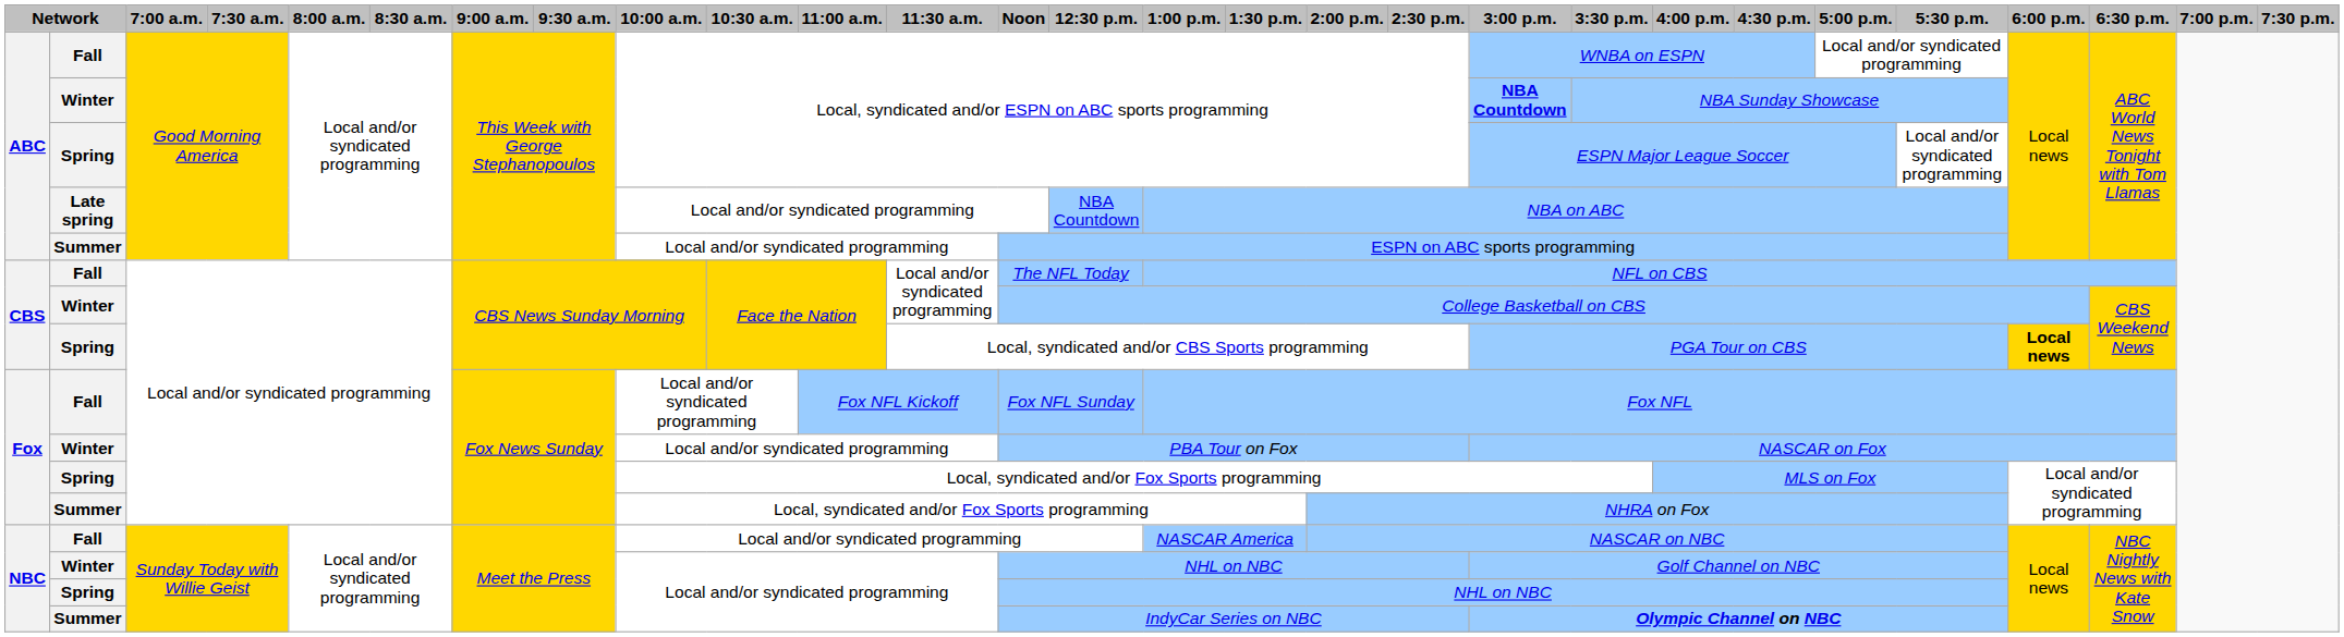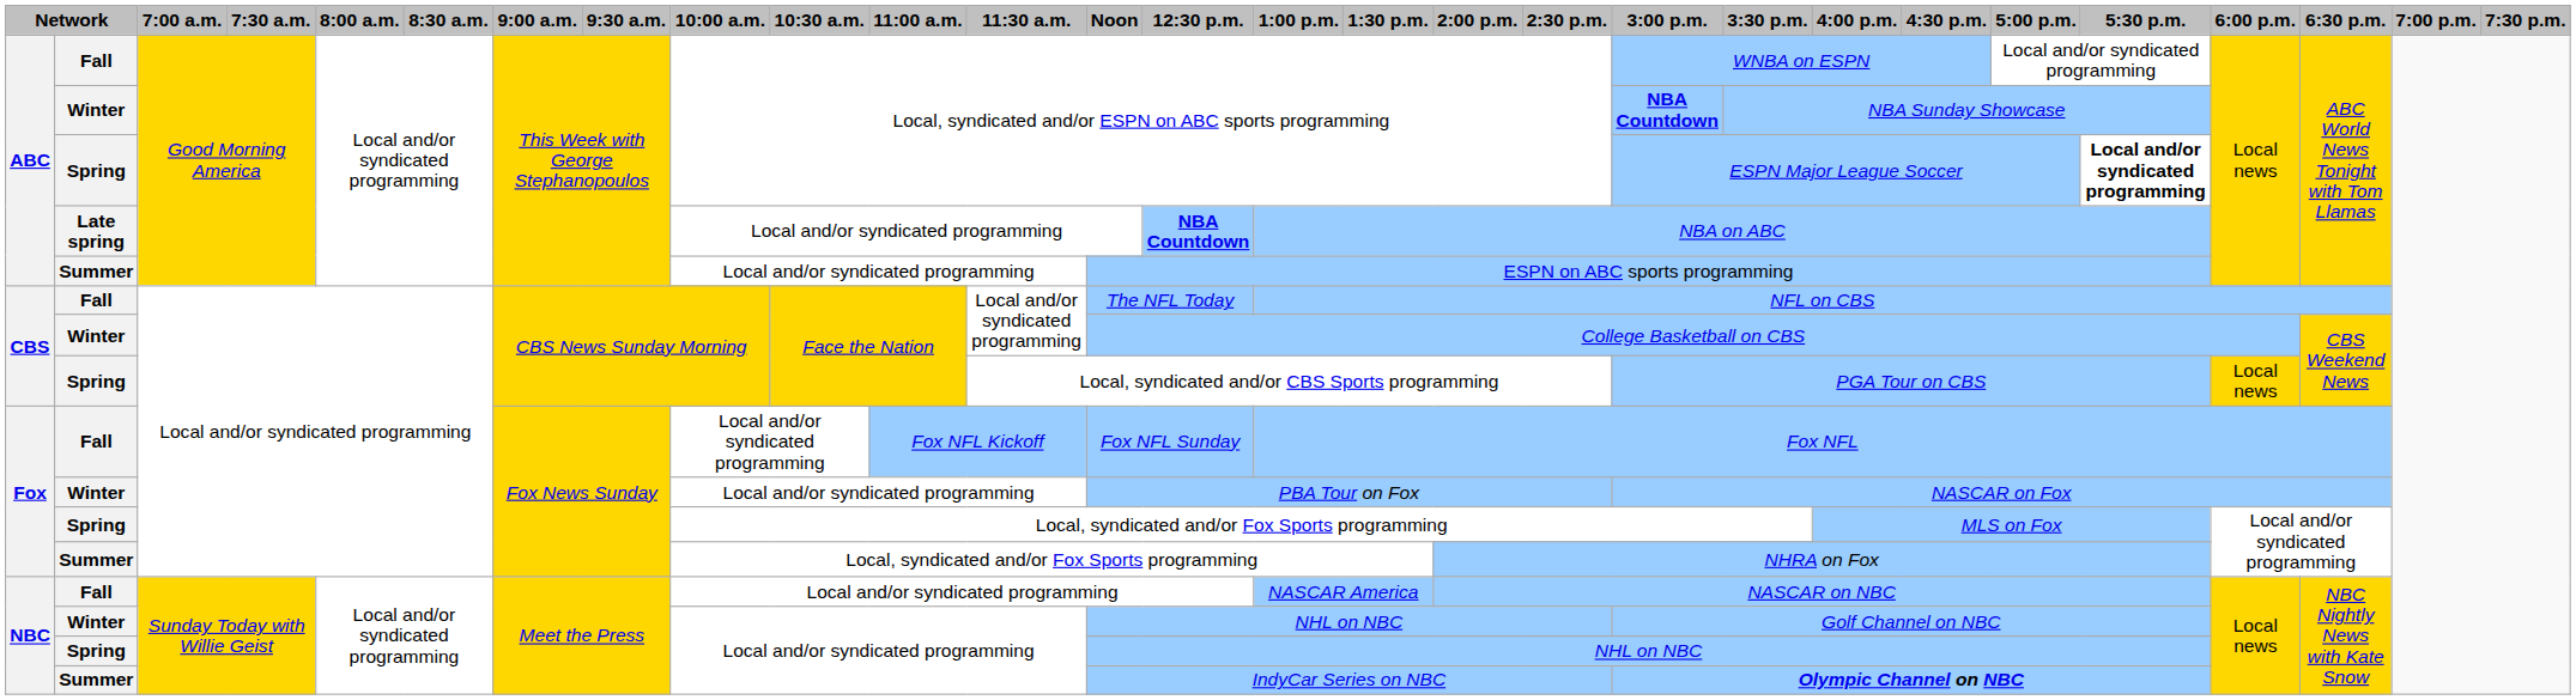 <table class="wikitable" style="width:100%;margin-right:0;font-size:90%;text-align:center">
 <tr>
 <th colspan="2" style="background:#C0C0C0; text-align:center;">Network</th>
 <th style="background:#C0C0C0; text-align:center;">7:00 a.m.</th>
 <th style="background:#C0C0C0; text-align:center;">7:30 a.m.</th>
 <th style="background:#C0C0C0; text-align:center;">8:00 a.m.</th>
 <th style="background:#C0C0C0; text-align:center;">8:30 a.m.</th>
 <th style="background:#C0C0C0; text-align:center;">9:00 a.m.</th>
 <th style="background:#C0C0C0; text-align:center;">9:30 a.m.</th>
 <th style="background:#C0C0C0; text-align:center;">10:00 a.m.</th>
 <th style="background:#C0C0C0; text-align:center;">10:30 a.m.</th>
 <th style="background:#C0C0C0; text-align:center;">11:00 a.m.</th>
 <th style="background:#C0C0C0; text-align:center;">11:30 a.m.</th>
 <th style="background:#C0C0C0; text-align:center;">Noon</th>
 <th style="background:#C0C0C0; text-align:center;">12:30 p.m.</th>
 <th style="background:#C0C0C0; text-align:center;">1:00 p.m.</th>
 <th style="background:#C0C0C0; text-align:center;">1:30 p.m.</th>
 <th style="background:#C0C0C0; text-align:center;">2:00 p.m.</th>
 <th style="background:#C0C0C0; text-align:center;">2:30 p.m.</th>
 <th style="background:#C0C0C0; text-align:center;">3:00 p.m.</th>
 <th style="background:#C0C0C0; text-align:center;">3:30 p.m.</th>
 <th style="background:#C0C0C0; text-align:center;">4:00 p.m.</th>
 <th style="background:#C0C0C0; text-align:center;">4:30 p.m.</th>
 <th style="background:#C0C0C0; text-align:center;">5:00 p.m.</th>
 <th style="background:#C0C0C0; text-align:center;">5:30 p.m.</th>
 <th style="background:#C0C0C0; text-align:center;">6:00 p.m.</th>
 <th style="background:#C0C0C0; text-align:center;">6:30 p.m.</th>
 <th style="background:#C0C0C0; text-align:center;">7:00 p.m.</th>
 <th style="background:#C0C0C0; text-align:center;">7:30 p.m.</th>
 </tr>
 <tr>
 <th rowspan="5"><a href='#'>ABC</a></th>
 <th>Fall</th>
 <td colspan="2" rowspan="5" bgcolor="gold"><em><a href='#'>Good Morning America</a></em></td>
 <td colspan="2" rowspan="5" bgcolor="white">Local and/or syndicated programming</td>
 <td colspan="2" rowspan="5" bgcolor="gold"><em><a href='#'>This Week with George Stephanopoulos</a></em></td>
 <td colspan="10" rowspan="3" bgcolor="white">Local, syndicated and/or  <a href='#'>ESPN on ABC</a> sports programming</td>
 <td colspan="4" bgcolor="#99ccff"><em><a href='#'>WNBA on ESPN</a></em></td>
 <td colspan="2" bgcolor="white">Local and/or syndicated programming</td>
 <td bgcolor="gold" rowspan=5>Local news</td>
 <td rowspan="5" bgcolor="gold"><em><a href='#'>ABC World News Tonight with Tom Llamas</a></em></td>
 </tr>
 <tr>
 <th>Winter</th>
 <td bgcolor="#99ccff"><strong><a href='#'>NBA Countdown</a></strong></td>
 <td colspan="5" bgcolor="#99ccff"><em><a href='#'>NBA Sunday Showcase</a></em></td>
 </tr>
 <tr>
 <th>Spring</th>
 <td colspan="5" bgcolor="#99ccff"><em><a href='#'>ESPN Major League Soccer</a></em></td>
-<td colspan="1" bgcolor="white">Local and/or syndicated programming</td>
+<td colspan="1" bgcolor="white"><strong>Local and/or syndicated programming</strong></td>
 </tr>
 <tr>
 <th>Late spring</th>
 <td colspan="5" bgcolor="white">Local and/or syndicated programming</td>
-<td bgcolor="#99ccff"><a href='#'>NBA Countdown</a></td>
+<td bgcolor="#99ccff"><strong><a href='#'>NBA Countdown</a></strong></td>
 <td colspan="10" bgcolor="#99ccff"><em><a href='#'>NBA on ABC</a></em></td>
 </tr>
 <tr>
 <th>Summer</th>
 <td colspan="4" bgcolor="white">Local and/or syndicated programming</td>
 <td colspan="12" bgcolor="#99ccff"><a href='#'>ESPN on ABC</a> sports programming</td>
 </tr>
 <tr>
 <th rowspan="3"><a href='#'>CBS</a></th>
 <th>Fall</th>
 <td colspan="4" rowspan="7" bgcolor="white">Local and/or syndicated programming</td>
 <td colspan="3" rowspan="3" bgcolor="gold"><em><a href='#'>CBS News Sunday Morning</a></em></td>
 <td colspan="2" rowspan="3" bgcolor="gold"><em><a href='#'>Face the Nation</a></em></td>
 <td rowspan="2" bgcolor="white">Local and/or syndicated programming</td>
 <td colspan="2" bgcolor="#99ccff"><em><a href='#'>The NFL Today</a></em></td>
 <td colspan="12" bgcolor="#99ccff"><em><a href='#'>NFL on CBS</a></em></td>
 </tr>
 <tr>
 <th>Winter</th>
 <td colspan="13" bgcolor="#99ccff"><em><a href='#'>College Basketball on CBS</a></em></td>
 <td rowspan="2" bgcolor="gold"><em><a href='#'>CBS Weekend News</a></em></td>
 </tr>
 <tr>
 <th>Spring</th>
 <td colspan="7" bgcolor="white">Local, syndicated and/or <a href='#'>CBS Sports</a> programming</td>
 <td colspan="6" bgcolor="#99ccff"><em><a href='#'>PGA Tour on CBS</a></em></td>
-<td bgcolor="gold"><strong>Local news</strong></td>
+<td bgcolor="gold">Local news</td>
 </tr>
 <tr>
 <th rowspan="4"><a href='#'>Fox</a></th>
 <th>Fall</th>
 <td colspan="2" rowspan="4" bgcolor="gold"><em><a href='#'>Fox News Sunday</a></em></td>
 <td colspan="2" bgcolor="white">Local and/or syndicated programming</td>
 <td colspan="2" bgcolor="#99ccff"><em><a href='#'>Fox NFL Kickoff</a></em></td>
 <td colspan="2" bgcolor="#99ccff"><em><a href='#'>Fox NFL Sunday</a></em></td>
 <td colspan="12" bgcolor="#99ccff"><em><a href='#'>Fox NFL</a></em> </td>
 </tr>
 <tr>
 <th>Winter</th>
 <td colspan="4" bgcolor="white">Local and/or syndicated programming</td>
 <td colspan="6" bgcolor="#99ccff"><em><a href='#'>PBA Tour</a> on Fox</em></td>
 <td colspan="8" bgcolor="#99ccff"><em><a href='#'>NASCAR on Fox</a></em></td>
 </tr>
 <tr>
 <th>Spring</th>
 <td colspan="12" bgcolor="white">Local, syndicated and/or <a href='#'>Fox Sports</a> programming</td>
 <td colspan="4" bgcolor="#99ccff"><em><a href='#'>MLS on Fox</a></em></td>
 <td colspan="2" rowspan="2" bgcolor="white">Local and/or syndicated programming</td>
 </tr>
 <tr>
 <th>Summer</th>
 <td colspan="8" bgcolor="white">Local, syndicated and/or <a href='#'>Fox Sports</a> programming</td>
 <td colspan="8" bgcolor="#99ccff"><em><a href='#'>NHRA</a> on Fox</em></td>
 </tr>
 <tr>
 <th rowspan="4"><a href='#'>NBC</a></th>
 <th>Fall</th>
 <td colspan="2" rowspan="4" bgcolor="gold"><em><a href='#'>Sunday Today with Willie Geist</a></em></td>
 <td colspan="2" rowspan="4" bgcolor="white">Local and/or syndicated programming</td>
 <td colspan="2" rowspan="4" bgcolor="gold"><em><a href='#'>Meet the Press</a></em></td>
 <td colspan="6" bgcolor="white">Local and/or syndicated programming</td>
 <td colspan="2" bgcolor="#99ccff"><em><a href='#'>NASCAR America</a></em></td>
 <td colspan="8" bgcolor="#99ccff"><em><a href='#'>NASCAR on NBC</a></em></td>
 <td rowspan="4" bgcolor="gold">Local news</td>
 <td rowspan="4" bgcolor="gold"><em><a href='#'>NBC Nightly News with Kate Snow</a></em></td>
 </tr>
 <tr>
 <th>Winter</th>
 <td colspan="4" rowspan="3" bgcolor="white">Local and/or syndicated programming</td>
 <td colspan="6" bgcolor="#99ccff"><em><a href='#'>NHL on NBC</a></em></td>
 <td colspan="6" bgcolor="#99ccff"><em><a href='#'>Golf Channel on NBC</a></em></td>
 </tr>
 <tr>
 <th>Spring</th>
 <td colspan="12" bgcolor="#99ccff"><em><a href='#'>NHL on NBC</a></em></td>
 </tr>
 <tr>
 <th>Summer</th>
 <td colspan="6" bgcolor="#99ccff"><em><a href='#'>IndyCar Series on NBC</a></em></td>
 <td colspan="6" bgcolor="#99ccff"><strong><em><a href='#'>Olympic Channel</a> on <a href='#'>NBC</a></em></strong></td>
 </tr>
 </table>
